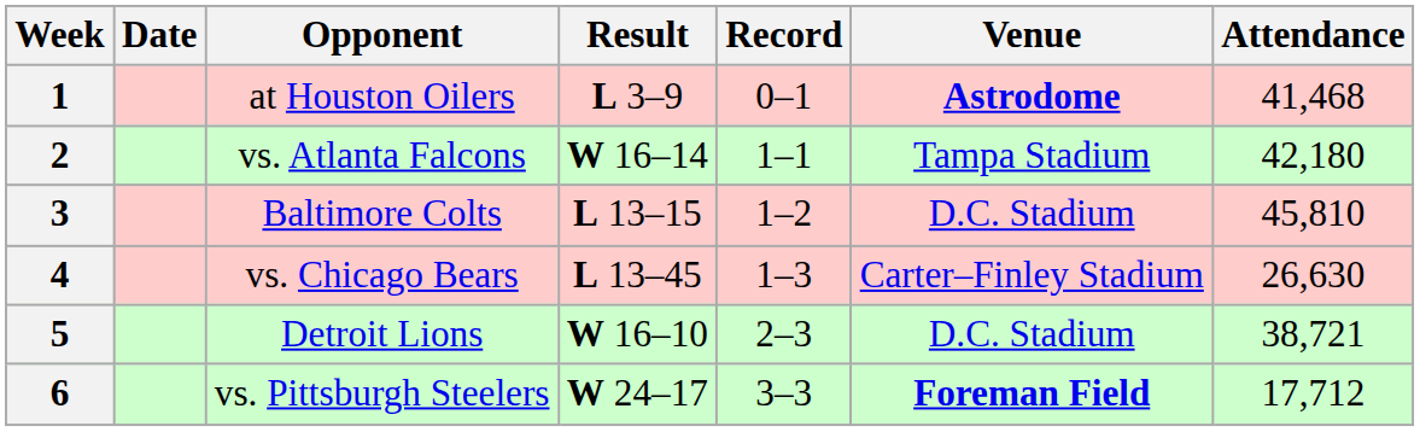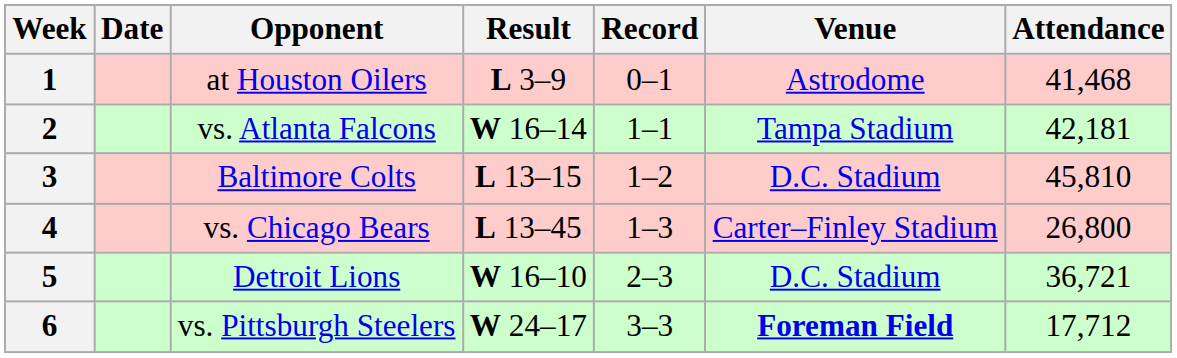 <table class="wikitable" style="text-align:center">
 <tr>
 <th>Week</th>
 <th>Date</th>
 <th>Opponent</th>
 <th>Result</th>
 <th>Record</th>
 <th>Venue</th>
 <th>Attendance</th>
 </tr>
 <tr style="background:#fcc;">
 <th>1</th>
 <td></td>
 <td>at <a href='#'>Houston Oilers</a> </td>
 <td><strong>L</strong> 3–9</td>
 <td>0–1</td>
-<td><strong><a href='#'>Astrodome</a></strong></td>
+<td><a href='#'>Astrodome</a></td>
 <td>41,468</td>
 </tr>
 <tr style="background:#cfc;">
 <th>2</th>
 <td></td>
 <td>vs. <a href='#'>Atlanta Falcons</a></td>
 <td><strong>W</strong> 16–14</td>
 <td>1–1</td>
 <td><a href='#'>Tampa Stadium</a> </td>
-<td>42,180</td>
+<td>42,181</td>
 </tr>
 <tr style="background:#fcc;">
 <th>3</th>
 <td></td>
 <td><a href='#'>Baltimore Colts</a></td>
 <td><strong>L</strong> 13–15</td>
 <td>1–2</td>
 <td><a href='#'>D.C. Stadium</a></td>
 <td>45,810</td>
 </tr>
 <tr style="background:#fcc;">
 <th>4</th>
 <td></td>
 <td>vs. <a href='#'>Chicago Bears</a></td>
 <td><strong>L</strong> 13–45</td>
 <td>1–3</td>
 <td><a href='#'>Carter–Finley Stadium</a> </td>
-<td>26,630</td>
+<td>26,800</td>
 </tr>
 <tr style="background:#cfc;">
 <th>5</th>
 <td></td>
 <td><a href='#'>Detroit Lions</a></td>
 <td><strong>W</strong> 16–10</td>
 <td>2–3</td>
 <td><a href='#'>D.C. Stadium</a></td>
-<td>38,721</td>
+<td>36,721</td>
 </tr>
 <tr style="background:#cfc;">
 <th>6</th>
 <td></td>
 <td>vs. <a href='#'>Pittsburgh Steelers</a></td>
 <td><strong>W</strong> 24–17</td>
 <td>3–3</td>
 <td><strong><a href='#'>Foreman Field</a> </strong></td>
 <td>17,712</td>
 </tr>
 </table>
